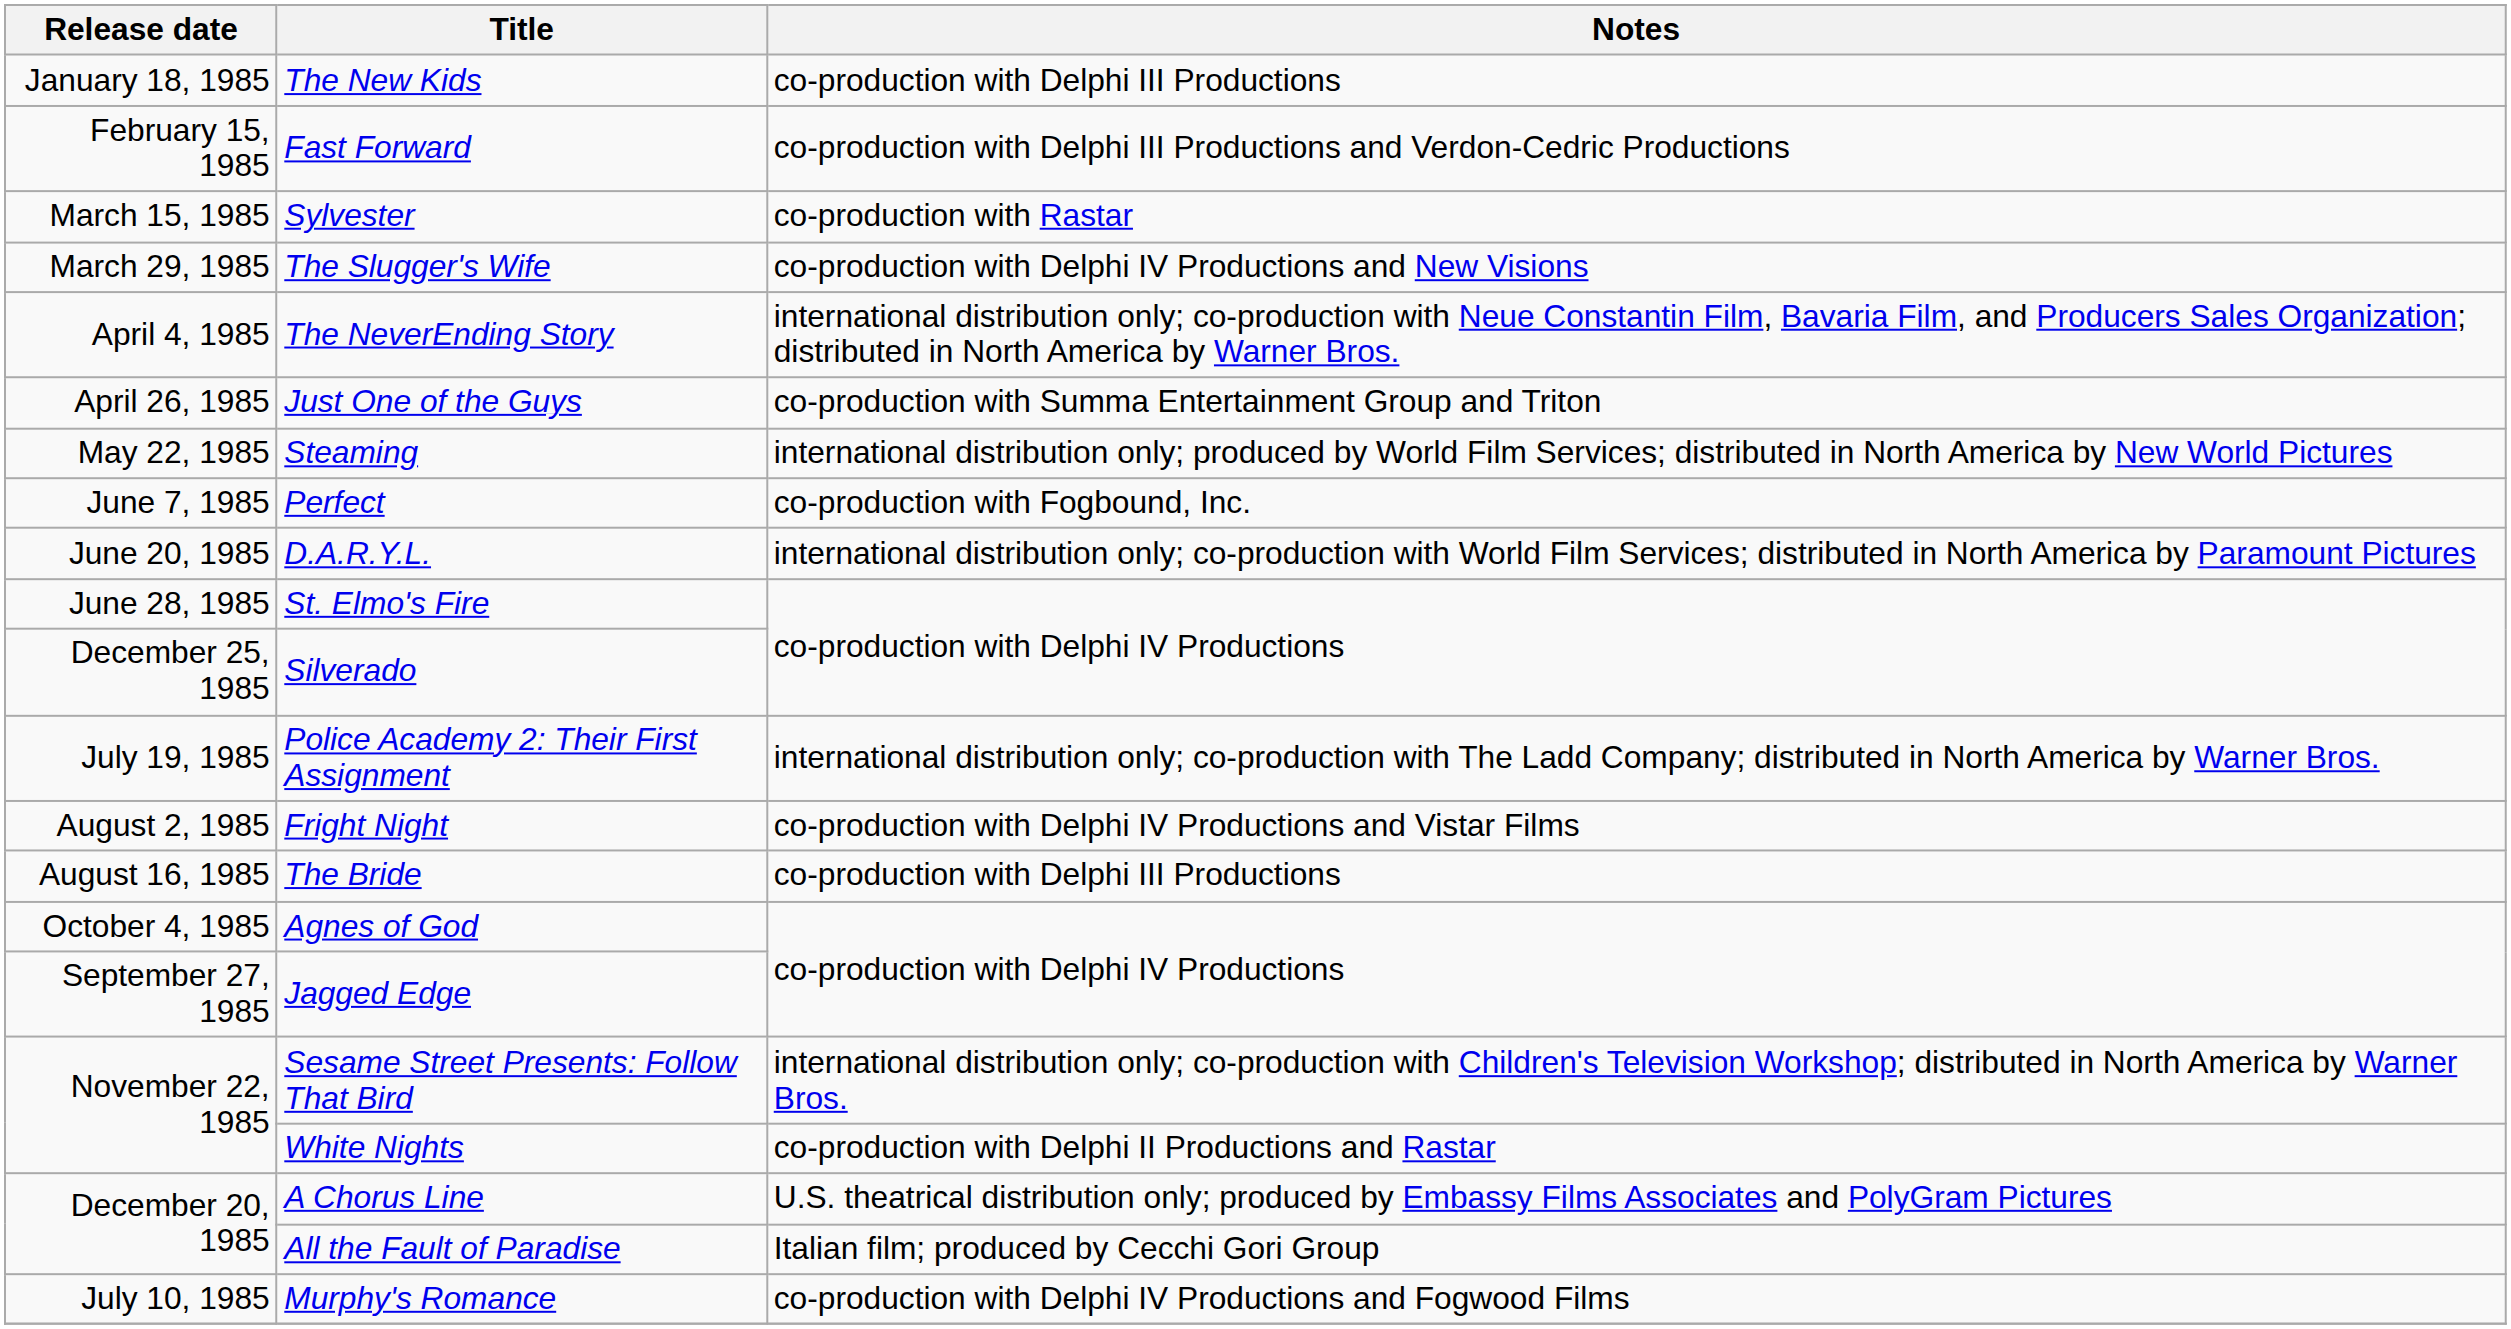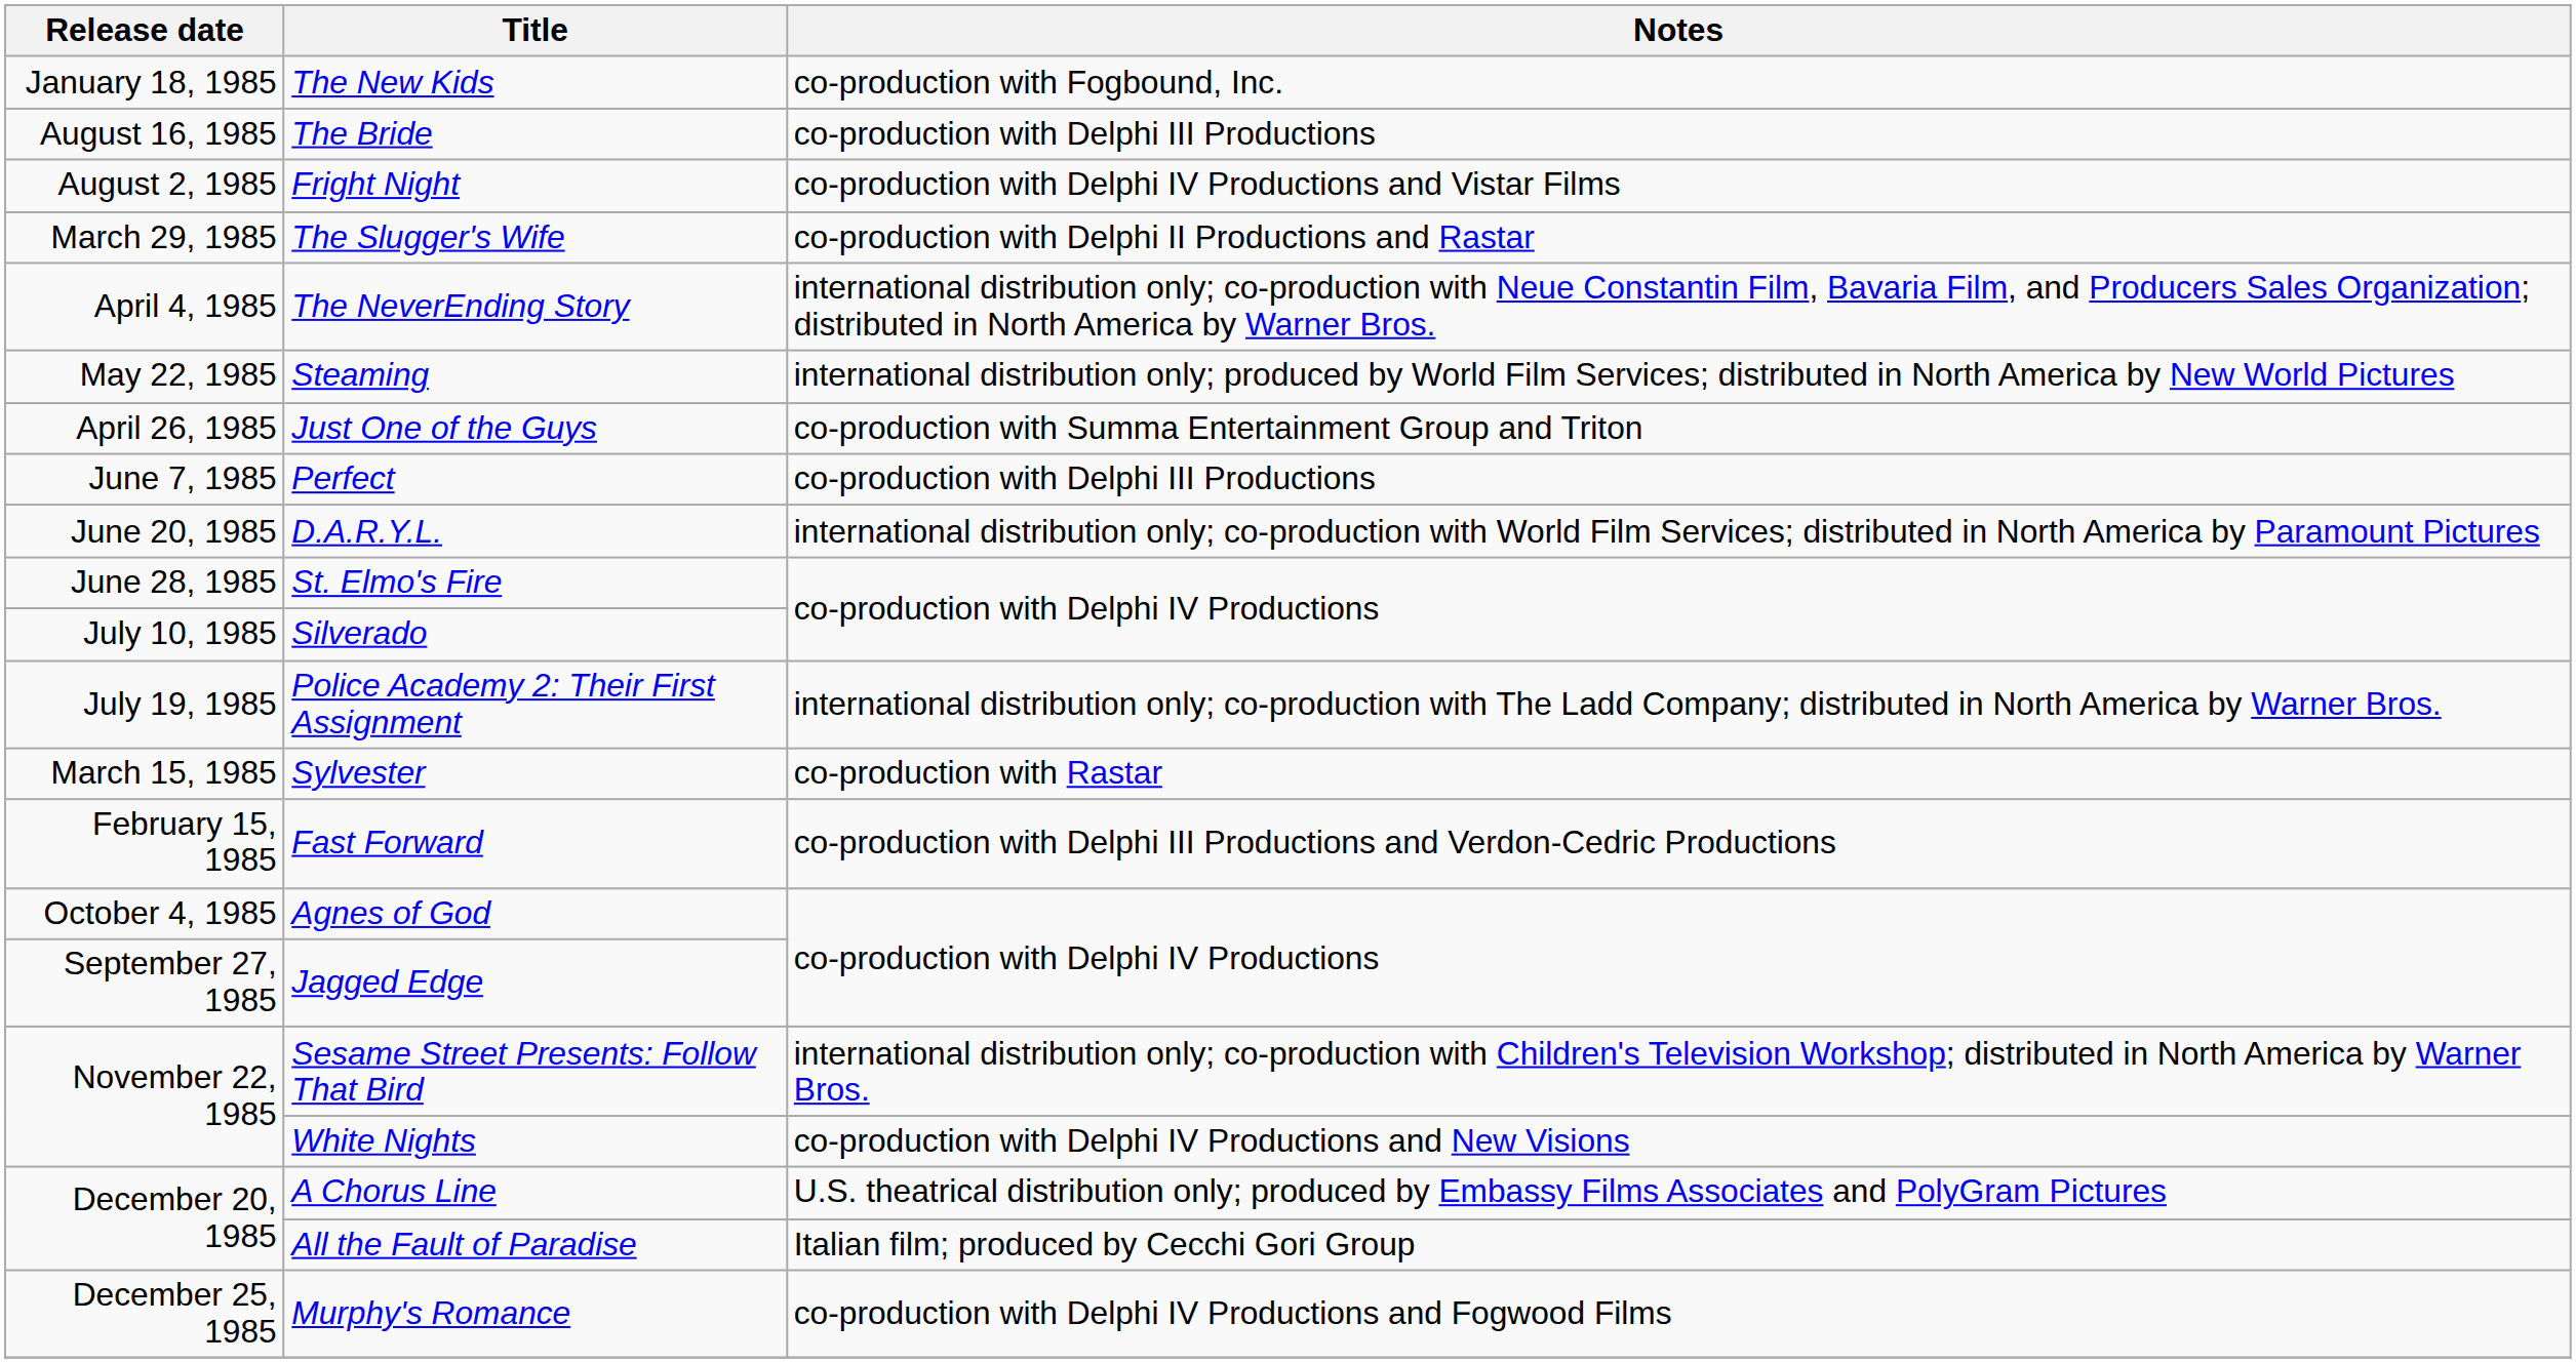 <table class="wikitable sortable" style="width:100%;">
 <tr>
 <th scope="col" style="width:130px;">Release date</th>
 <th>Title</th>
 <th>Notes</th>
 </tr>
 <tr>
 <td style="text-align:right;">January 18, 1985</td>
 <td><em><a href='#'>The New Kids</a></em></td>
+<td>co-production with Fogbound, Inc.</td>
+</tr>
+<tr>
+<td style="text-align:right;">August 16, 1985</td>
+<td><em><a href='#'>The Bride</a></em></td>
 <td>co-production with Delphi III Productions</td>
 </tr>
 <tr>
-<td style="text-align:right;">February 15, 1985</td>
-<td><em><a href='#'>Fast Forward</a></em></td>
-<td>co-production with Delphi III Productions and Verdon-Cedric Productions</td>
-</tr>
-<tr>
-<td style="text-align:right;">March 15, 1985</td>
-<td><em><a href='#'>Sylvester</a></em></td>
-<td>co-production with <a href='#'>Rastar</a></td>
+<td style="text-align:right;">August 2, 1985</td>
+<td><em><a href='#'>Fright Night</a></em></td>
+<td>co-production with Delphi IV Productions and Vistar Films</td>
 </tr>
 <tr>
 <td style="text-align:right;">March 29, 1985</td>
 <td><em><a href='#'>The Slugger's Wife</a></em></td>
-<td>co-production with Delphi IV Productions and <a href='#'>New Visions</a></td>
+<td>co-production with Delphi II Productions and <a href='#'>Rastar</a></td>
 </tr>
 <tr>
 <td style="text-align:right;">April 4, 1985</td>
 <td><em><a href='#'>The NeverEnding Story</a></em></td>
 <td>international distribution only; co-production with <a href='#'>Neue Constantin Film</a>, <a href='#'>Bavaria Film</a>, and <a href='#'>Producers Sales Organization</a>; distributed in North America by <a href='#'>Warner Bros.</a></td>
 </tr>
 <tr>
+<td style="text-align:right;">May 22, 1985</td>
+<td><em><a href='#'>Steaming</a></em></td>
+<td>international distribution only; produced by World Film Services; distributed in North America by <a href='#'>New World Pictures</a></td>
+</tr>
+<tr>
 <td style="text-align:right;">April 26, 1985</td>
 <td><em><a href='#'>Just One of the Guys</a></em></td>
 <td>co-production with Summa Entertainment Group and Triton</td>
 </tr>
 <tr>
-<td style="text-align:right;">May 22, 1985</td>
-<td><em><a href='#'>Steaming</a></em></td>
-<td>international distribution only; produced by World Film Services; distributed in North America by <a href='#'>New World Pictures</a></td>
-</tr>
-<tr>
 <td style="text-align:right;">June 7, 1985</td>
 <td><em><a href='#'>Perfect</a></em></td>
-<td>co-production with Fogbound, Inc.</td>
+<td>co-production with Delphi III Productions</td>
 </tr>
 <tr>
 <td style="text-align:right;">June 20, 1985</td>
 <td><em><a href='#'>D.A.R.Y.L.</a></em></td>
 <td>international distribution only; co-production with World Film Services; distributed in North America by <a href='#'>Paramount Pictures</a></td>
 </tr>
 <tr>
 <td style="text-align:right;">June 28, 1985</td>
 <td><em><a href='#'>St. Elmo's Fire</a></em></td>
 <td rowspan="2”">co-production with Delphi IV Productions</td>
 </tr>
 <tr>
-<td style="text-align:right;">December 25, 1985</td>
+<td style="text-align:right;">July 10, 1985</td>
 <td><em><a href='#'>Silverado</a></em></td>
 </tr>
 <tr>
 <td style="text-align:right;">July 19, 1985</td>
 <td><em><a href='#'>Police Academy 2: Their First Assignment</a></em></td>
 <td>international distribution only; co-production with The Ladd Company; distributed in North America by <a href='#'>Warner Bros.</a></td>
 </tr>
 <tr>
-<td style="text-align:right;">August 2, 1985</td>
-<td><em><a href='#'>Fright Night</a></em></td>
-<td>co-production with Delphi IV Productions and Vistar Films</td>
+<td style="text-align:right;">March 15, 1985</td>
+<td><em><a href='#'>Sylvester</a></em></td>
+<td>co-production with <a href='#'>Rastar</a></td>
 </tr>
 <tr>
-<td style="text-align:right;">August 16, 1985</td>
-<td><em><a href='#'>The Bride</a></em></td>
-<td>co-production with Delphi III Productions</td>
+<td style="text-align:right;">February 15, 1985</td>
+<td><em><a href='#'>Fast Forward</a></em></td>
+<td>co-production with Delphi III Productions and Verdon-Cedric Productions</td>
 </tr>
 <tr>
 <td style="text-align:right;">October 4, 1985</td>
 <td><em><a href='#'>Agnes of God</a></em></td>
 <td rowspan="2">co-production with Delphi IV Productions</td>
 </tr>
 <tr>
 <td style="text-align:right;">September 27, 1985</td>
 <td><em><a href='#'>Jagged Edge</a></em></td>
 </tr>
 <tr>
 <td style="text-align:right;" rowspan="2">November 22, 1985</td>
 <td><em><a href='#'>Sesame Street Presents: Follow That Bird</a></em></td>
 <td>international distribution only; co-production with <a href='#'>Children's Television Workshop</a>; distributed in North America by <a href='#'>Warner Bros.</a></td>
 </tr>
 <tr>
 <td><em><a href='#'>White Nights</a></em></td>
-<td>co-production with Delphi II Productions and <a href='#'>Rastar</a></td>
+<td>co-production with Delphi IV Productions and <a href='#'>New Visions</a></td>
 </tr>
 <tr>
 <td style="text-align:right;" rowspan="2">December 20, 1985</td>
 <td><em><a href='#'>A Chorus Line</a></em></td>
 <td>U.S. theatrical distribution only; produced by <a href='#'>Embassy Films Associates</a> and <a href='#'>PolyGram Pictures</a></td>
 </tr>
 <tr>
 <td><em><a href='#'>All the Fault of Paradise</a></em></td>
 <td>Italian film; produced by Cecchi Gori Group</td>
 </tr>
 <tr>
-<td style="text-align:right;">July 10, 1985</td>
+<td style="text-align:right;">December 25, 1985</td>
 <td><em><a href='#'>Murphy's Romance</a></em></td>
 <td>co-production with Delphi IV Productions and Fogwood Films</td>
 </tr>
 <tr>
 </tr>
 </table>
